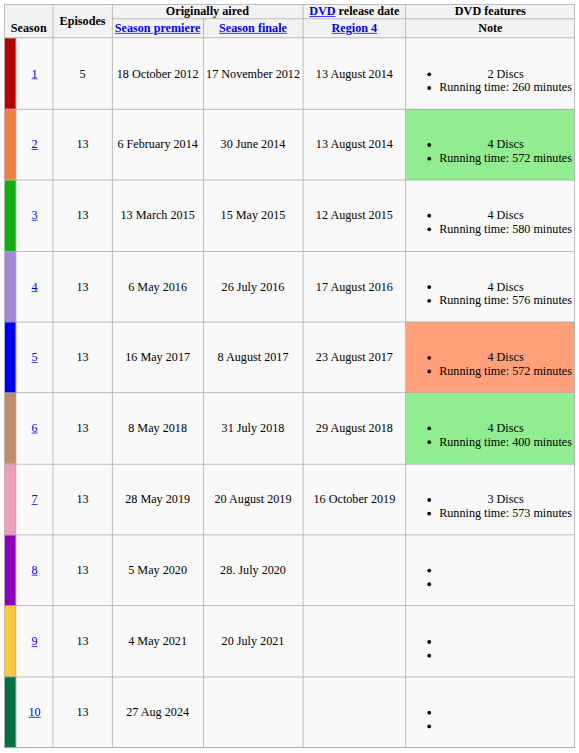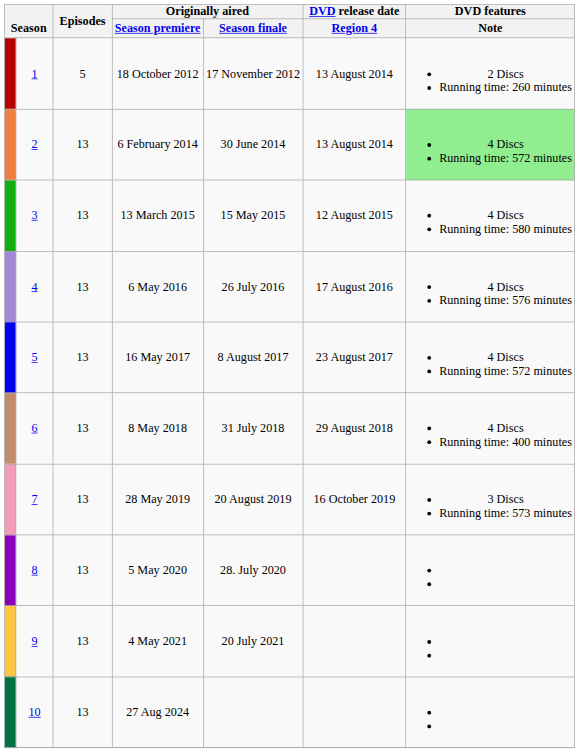 <table class="wikitable" style="text-align: center;">
 <tr>
 <th style="padding: 0 8px;" rowspan="2" colspan="2"><br>Season</th>
 <th style="padding: 0 8px;" rowspan="2">Episodes</th>
 <th style="padding: 0 8px;" colspan="2">Originally aired</th>
 <th style="padding: 0 8px;"><a href='#'>DVD</a> release date</th>
 <th style="padding: 0 8px;">DVD features</th>
 </tr>
 <tr>
 <th><a href='#'>Season premiere</a></th>
 <th><a href='#'>Season finale</a></th>
 <th><a href='#'>Region 4</a></th>
 <th>Note</th>
 </tr>
 <tr>
 <td style="background: #B60000;"></td>
 <td><a href='#'>1</a></td>
 <td>5</td>
 <td>18 October 2012</td>
 <td>17 November 2012</td>
 <td>13 August 2014</td>
 <td><br><ul><li>2 Discs</li><li>Running time: 260 minutes</li></ul></td>
 </tr>
 <tr>
 <td style="background: #EF7F3E;"></td>
 <td><a href='#'>2</a></td>
 <td>13</td>
 <td>6 February 2014</td>
 <td>30 June 2014</td>
 <td>13 August 2014</td>
 <td style="background: lightgreen;"><br><ul><li>4 Discs</li><li>Running time: 572 minutes</li></ul></td>
 </tr>
 <tr>
 <td style="background: #11AE11;"></td>
 <td><a href='#'>3</a></td>
 <td>13</td>
 <td>13 March 2015</td>
 <td>15 May 2015</td>
 <td>12 August 2015</td>
 <td><br><ul><li>4 Discs</li><li>Running time: 580 minutes</li></ul></td>
 </tr>
 <tr>
 <td style="background: #A587D7;"></td>
 <td><a href='#'>4</a></td>
 <td>13</td>
 <td>6 May 2016</td>
 <td>26 July 2016</td>
 <td>17 August 2016</td>
 <td><br><ul><li>4 Discs</li><li>Running time: 576 minutes</li></ul></td>
 </tr>
 <tr>
 <td style="background: #0000F3;"></td>
 <td><a href='#'>5</a></td>
 <td>13</td>
 <td>16 May 2017</td>
 <td>8 August 2017</td>
 <td>23 August 2017</td>
-<td style="background: lightsalmon;"><br><ul><li>4 Discs</li><li>Running time: 572 minutes</li></ul></td>
+<td><br><ul><li>4 Discs</li><li>Running time: 572 minutes</li></ul></td>
 </tr>
 <tr>
 <td style="background: #C28B6C;"></td>
 <td><a href='#'>6</a></td>
 <td>13</td>
 <td>8 May 2018</td>
 <td>31 July 2018</td>
 <td>29 August 2018</td>
-<td style="background: lightgreen;"><br><ul><li>4 Discs</li><li>Running time: 400 minutes</li></ul></td>
+<td><br><ul><li>4 Discs</li><li>Running time: 400 minutes</li></ul></td>
 </tr>
 <tr>
 <td style="background: #F19CBB;"></td>
 <td><a href='#'>7</a></td>
 <td>13</td>
 <td>28 May 2019</td>
 <td>20 August 2019</td>
 <td>16 October 2019</td>
 <td><br><ul><li>3 Discs</li><li>Running time: 573 minutes</li></ul></td>
 </tr>
 <tr>
 <td style="background: #8C00BB;"></td>
 <td><a href='#'>8</a></td>
 <td>13</td>
 <td>5 May 2020</td>
 <td>28. July 2020</td>
 <td></td>
 <td><br><ul><li></li><li></li></ul></td>
 </tr>
 <tr>
 <td style="background: #ffc642;"></td>
 <td><a href='#'>9</a></td>
 <td>13</td>
 <td>4 May 2021</td>
 <td>20 July 2021</td>
 <td></td>
 <td><br><ul><li></li><li></li></ul></td>
 </tr>
 <tr>
 <td style="background: #007041;"></td>
 <td><a href='#'>10</a></td>
 <td>13</td>
 <td>27 Aug 2024</td>
 <td></td>
 <td></td>
 <td><br><ul><li></li><li></li></ul></td>
 </tr>
 <tr>
 </tr>
 </table>
